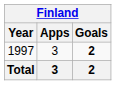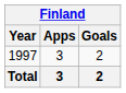 <table class=wikitable style=text-align:center>
 <tr>
 <th colspan=4><a href='#'>Finland</a></th>
 </tr>
 <tr>
 <th>Year</th>
 <th>Apps</th>
 <th>Goals</th>
 </tr>
 <tr>
 <td>1997</td>
 <td>3</td>
-<td><strong>2</strong></td>
+<td>2</td>
 </tr>
 <tr>
 <th colspan=1>Total</th>
 <th>3</th>
 <th>2</th>
 </tr>
 </table>
